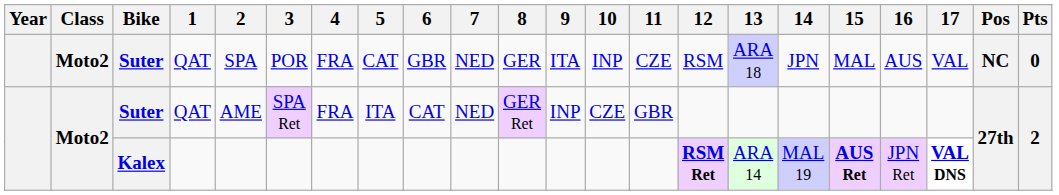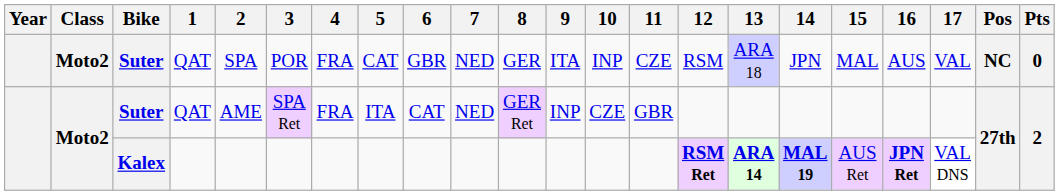 <table class="wikitable" style="text-align:center">
 <tr>
 <th>Year</th>
 <th>Class</th>
 <th>Bike</th>
 <th>1</th>
 <th>2</th>
 <th>3</th>
 <th>4</th>
 <th>5</th>
 <th>6</th>
 <th>7</th>
 <th>8</th>
 <th>9</th>
 <th>10</th>
 <th>11</th>
 <th>12</th>
 <th>13</th>
 <th>14</th>
 <th>15</th>
 <th>16</th>
 <th>17</th>
 <th>Pos</th>
 <th>Pts</th>
 </tr>
 <tr>
 <th align="left"></th>
 <th align="left">Moto2</th>
 <th align="left"><a href='#'>Suter</a></th>
 <td><a href='#'>QAT</a></td>
 <td><a href='#'>SPA</a></td>
 <td><a href='#'>POR</a></td>
 <td><a href='#'>FRA</a></td>
 <td><a href='#'>CAT</a></td>
 <td><a href='#'>GBR</a></td>
 <td><a href='#'>NED</a><br><small></small></td>
 <td><a href='#'>GER</a></td>
 <td><a href='#'>ITA</a></td>
 <td><a href='#'>INP</a></td>
 <td><a href='#'>CZE</a></td>
 <td><a href='#'>RSM</a></td>
 <td style="background:#CFCFFF;"><a href='#'>ARA</a><br><small>18</small></td>
 <td><a href='#'>JPN</a></td>
 <td><a href='#'>MAL</a></td>
 <td><a href='#'>AUS</a></td>
 <td><a href='#'>VAL</a></td>
 <th>NC</th>
 <th>0</th>
 </tr>
 <tr>
 <th align="left" rowspan=2></th>
 <th align="left" rowspan=2>Moto2</th>
 <th align="left"><a href='#'>Suter</a></th>
 <td><a href='#'>QAT</a></td>
 <td><a href='#'>AME</a></td>
 <td style="background:#efcfff;"><a href='#'>SPA</a><br><small>Ret</small></td>
 <td><a href='#'>FRA</a></td>
 <td><a href='#'>ITA</a></td>
 <td><a href='#'>CAT</a></td>
 <td><a href='#'>NED</a></td>
 <td style="background:#efcfff;"><a href='#'>GER</a><br><small>Ret</small></td>
 <td><a href='#'>INP</a></td>
 <td><a href='#'>CZE</a></td>
 <td><a href='#'>GBR</a></td>
 <td></td>
 <td></td>
 <td></td>
 <td></td>
 <td></td>
 <td></td>
 <th rowspan=2>27th</th>
 <th rowspan=2>2</th>
 </tr>
 <tr>
 <th align="left"><a href='#'>Kalex</a></th>
 <td></td>
 <td></td>
 <td></td>
 <td></td>
 <td></td>
 <td></td>
 <td></td>
 <td></td>
 <td></td>
 <td></td>
 <td></td>
 <td style="background:#efcfff;"><strong><a href='#'>RSM</a><br><small>Ret</small></strong></td>
-<td style="background:#DFFFDF;"><a href='#'>ARA</a><br><small>14</small></td>
-<td style="background:#CFCFFF;"><a href='#'>MAL</a><br><small>19</small></td>
-<td style="background:#efcfff;"><strong><a href='#'>AUS</a><br><small>Ret</small></strong></td>
-<td style="background:#efcfff;"><a href='#'>JPN</a><br><small>Ret</small></td>
-<td style="background:#ffffff;"><strong><a href='#'>VAL</a><br><small>DNS</small></strong></td>
+<td style="background:#DFFFDF;"><strong><a href='#'>ARA</a><br><small>14</small></strong></td>
+<td style="background:#CFCFFF;"><strong><a href='#'>MAL</a><br><small>19</small></strong></td>
+<td style="background:#efcfff;"><a href='#'>AUS</a><br><small>Ret</small></td>
+<td style="background:#efcfff;"><strong><a href='#'>JPN</a><br><small>Ret</small></strong></td>
+<td style="background:#ffffff;"><a href='#'>VAL</a><br><small>DNS</small></td>
 </tr>
 </table>
